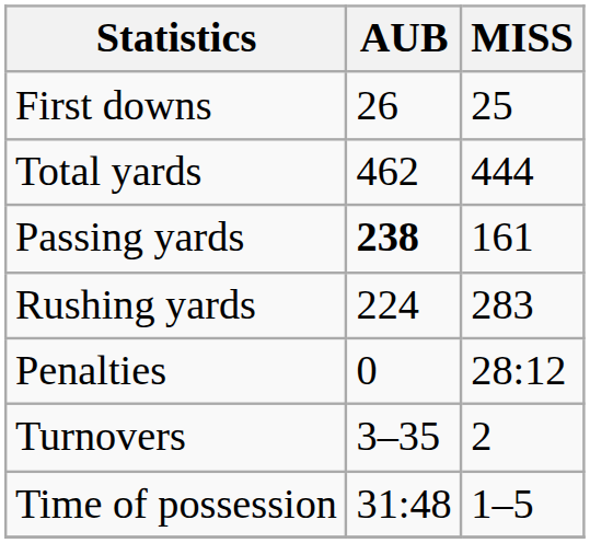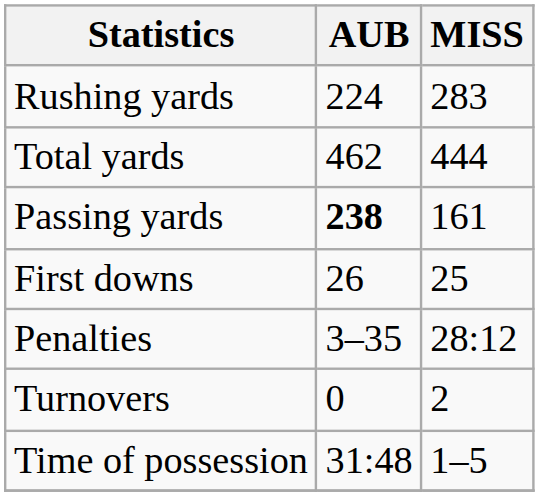 <table class="wikitable" style="float: left;">
 <tr>
 <th>Statistics</th>
 <th>AUB</th>
 <th>MISS</th>
 </tr>
 <tr>
-<td>First downs</td>
-<td>26</td>
-<td>25</td>
+<td>Rushing yards</td>
+<td>224</td>
+<td>283</td>
 </tr>
 <tr>
 <td>Total yards</td>
 <td>462</td>
 <td>444</td>
 </tr>
 <tr>
 <td>Passing yards</td>
 <td><strong>238</strong></td>
 <td>161</td>
 </tr>
 <tr>
-<td>Rushing yards</td>
-<td>224</td>
-<td>283</td>
+<td>First downs</td>
+<td>26</td>
+<td>25</td>
 </tr>
 <tr>
 <td>Penalties</td>
-<td>0</td>
+<td>3–35</td>
 <td>28:12</td>
 </tr>
 <tr>
 <td>Turnovers</td>
-<td>3–35</td>
+<td>0</td>
 <td>2</td>
 </tr>
 <tr>
 <td>Time of possession</td>
 <td>31:48</td>
 <td>1–5</td>
 </tr>
 <tr>
 </tr>
 </table>
